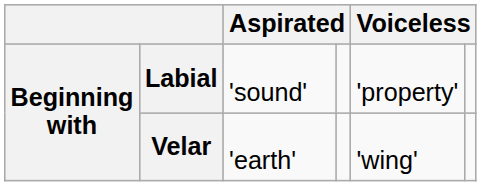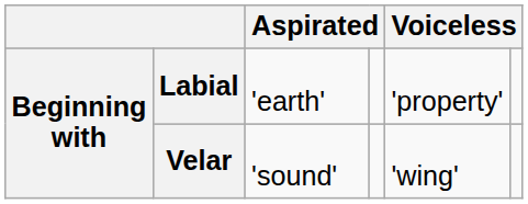 <table class="wikitable">
 <tr>
 <th colspan="2"></th>
 <th colspan="2">Aspirated</th>
 <th colspan="2">Voiceless</th>
 </tr>
 <tr>
 <th rowspan="2">Beginning<br>with</th>
 <th>Labial</th>
-<td><br>'sound'</td>
+<td><br>'earth'</td>
 <td></td>
 <td><br>'property'</td>
 <td></td>
 </tr>
 <tr>
 <th>Velar</th>
-<td><br>'earth'</td>
+<td><br>'sound'</td>
 <td></td>
 <td><br>'wing'</td>
 <td></td>
 </tr>
 </table>
